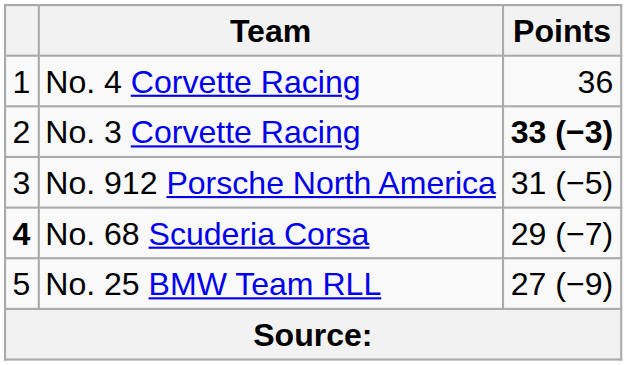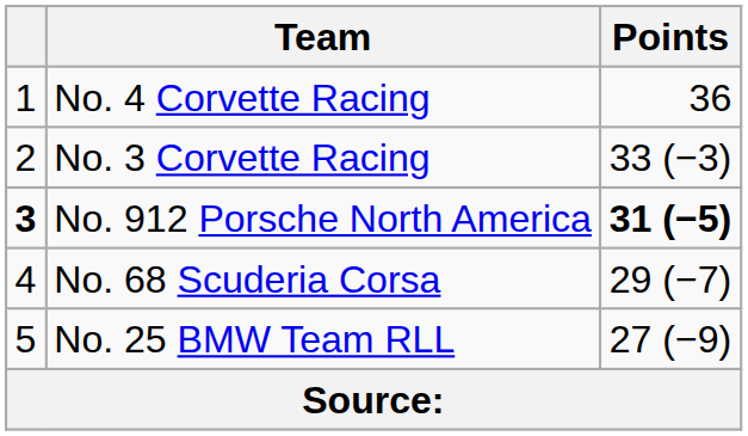 <table class="wikitable" style="font-size: 95%;">
 <tr>
 <th scope="col"></th>
 <th scope="col">Team</th>
 <th scope="col">Points</th>
 </tr>
 <tr>
 <td align=center>1</td>
 <td> No. 4 <a href='#'>Corvette Racing</a></td>
 <td align=right>36</td>
 </tr>
 <tr>
 <td align=center>2</td>
 <td> No. 3 <a href='#'>Corvette Racing</a></td>
-<td align=right><strong>33 (−3)</strong></td>
+<td align=right>33 (−3)</td>
 </tr>
 <tr>
-<td align=center>3</td>
+<td align=center><strong>3</strong></td>
 <td> No. 912 <a href='#'>Porsche North America</a></td>
-<td align=right>31 (−5)</td>
+<td align=right><strong>31 (−5)</strong></td>
 </tr>
 <tr>
-<td align=center><strong>4</strong></td>
+<td align=center>4</td>
 <td> No. 68 <a href='#'>Scuderia Corsa</a></td>
 <td align=right>29 (−7)</td>
 </tr>
 <tr>
 <td align=center>5</td>
 <td> No. 25 <a href='#'>BMW Team RLL</a></td>
 <td align=right>27 (−9)</td>
 </tr>
 <tr>
 <th colspan=4>Source:</th>
 </tr>
 </table>
